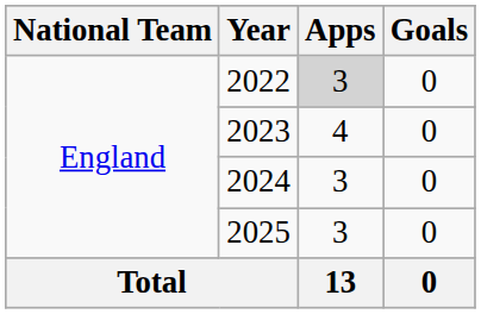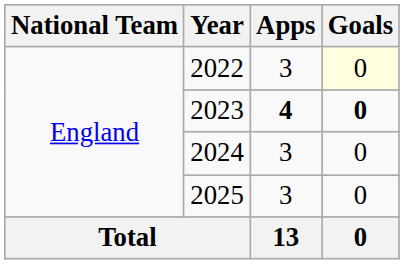 <table class="wikitable" style="text-align:center">
 <tr>
 <th>National Team</th>
 <th>Year</th>
 <th>Apps</th>
 <th>Goals</th>
 </tr>
 <tr>
 <td rowspan="4"><a href='#'>England</a></td>
 <td>2022</td>
-<td style="background: lightgrey;">3</td>
-<td>0</td>
+<td>3</td>
+<td style="background: lightyellow;">0</td>
 </tr>
 <tr>
 <td>2023</td>
-<td>4</td>
-<td>0</td>
+<td><strong>4</strong></td>
+<td><strong>0</strong></td>
 </tr>
 <tr>
 <td>2024</td>
 <td>3</td>
 <td>0</td>
 </tr>
 <tr>
 <td>2025</td>
 <td>3</td>
 <td>0</td>
 </tr>
 <tr>
 <th colspan="2">Total</th>
 <th>13</th>
 <th>0</th>
 </tr>
 </table>
